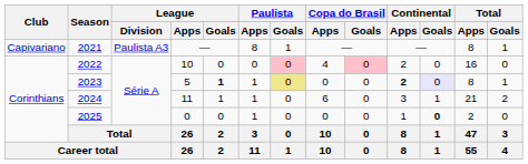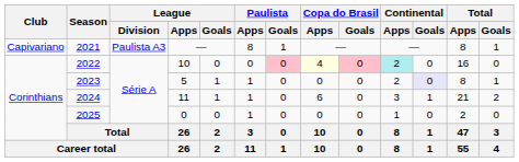 <table class="wikitable" style="text-align:center">
 <tr>
 <th rowspan="2">Club</th>
 <th rowspan="2">Season</th>
 <th colspan="3">League</th>
 <th colspan="2"><a href='#'>Paulista</a></th>
 <th colspan="2"><a href='#'>Copa do Brasil</a></th>
 <th colspan="2">Continental</th>
 <th colspan="2">Total</th>
 </tr>
 <tr>
 <th>Division</th>
 <th>Apps</th>
 <th>Goals</th>
 <th>Apps</th>
 <th>Goals</th>
 <th>Apps</th>
 <th>Goals</th>
 <th>Apps</th>
 <th>Goals</th>
 <th>Apps</th>
 <th>Goals</th>
 </tr>
 <tr>
 <td><a href='#'>Capivariano</a></td>
 <td><a href='#'>2021</a></td>
 <td><a href='#'>Paulista A3</a></td>
 <td colspan="2">—</td>
 <td>8</td>
 <td>1</td>
 <td colspan="2">—</td>
 <td colspan="2">—</td>
 <td>8</td>
 <td>1</td>
 </tr>
 <tr>
 <td rowspan="5"><a href='#'>Corinthians</a></td>
 <td><a href='#'>2022</a></td>
 <td rowspan="4"><a href='#'>Série A</a></td>
 <td>10</td>
 <td>0</td>
 <td>0</td>
 <td style="background: pink;">0</td>
-<td>4</td>
+<td style="background: lightyellow;">4</td>
 <td style="background: pink;">0</td>
-<td>2</td>
+<td style="background: paleturquoise;">2</td>
 <td>0</td>
 <td>16</td>
 <td>0</td>
 </tr>
 <tr>
 <td><a href='#'>2023</a></td>
 <td>5</td>
-<td><strong>1</strong></td>
 <td>1</td>
-<td style="background: khaki;">0</td>
+<td>1</td>
 <td>0</td>
 <td>0</td>
-<td><strong>2</strong></td>
+<td>0</td>
+<td>2</td>
 <td style="background: lavender;">0</td>
 <td>8</td>
 <td>1</td>
 </tr>
 <tr>
 <td><a href='#'>2024</a></td>
 <td>11</td>
 <td>1</td>
 <td>1</td>
 <td>0</td>
 <td>6</td>
 <td>0</td>
 <td>3</td>
 <td>1</td>
 <td>21</td>
 <td>2</td>
 </tr>
 <tr>
 <td><a href='#'>2025</a></td>
 <td>0</td>
 <td>0</td>
 <td>1</td>
 <td>0</td>
 <td>0</td>
 <td>0</td>
 <td>1</td>
-<td><strong>0</strong></td>
+<td>0</td>
 <td>2</td>
 <td>0</td>
 </tr>
 <tr>
 <th colspan="2">Total</th>
 <th>26</th>
 <th>2</th>
 <th>3</th>
 <th>0</th>
 <th>10</th>
 <th>0</th>
 <th>8</th>
 <th>1</th>
 <th>47</th>
 <th>3</th>
 </tr>
 <tr>
 <th colspan="3">Career total</th>
 <th>26</th>
 <th>2</th>
 <th>11</th>
 <th>1</th>
 <th>10</th>
 <th>0</th>
 <th>8</th>
 <th>1</th>
 <th>55</th>
 <th>4</th>
 </tr>
 </table>
